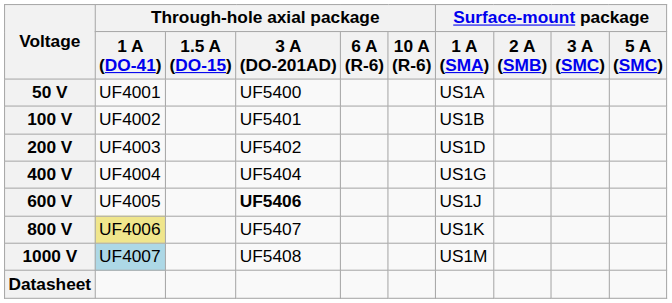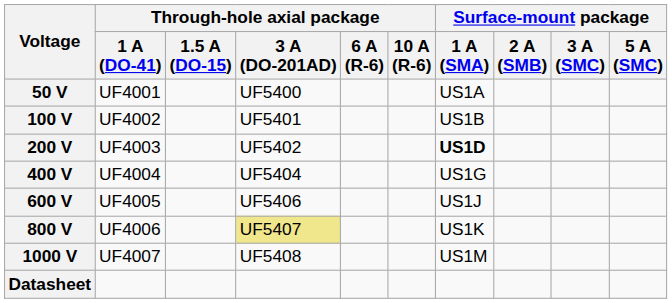 <table class="wikitable" border="1">
 <tr>
 <th rowspan="2">Voltage</th>
 <th colspan="5">Through-hole axial package</th>
 <th colspan="7"><a href='#'>Surface-mount</a> package</th>
 </tr>
 <tr>
 <th>1 A<br>(<a href='#'>DO-41</a>)</th>
 <th>1.5 A<br>(<a href='#'>DO-15</a>)</th>
 <th>3 A<br>(DO-201AD)</th>
 <th>6 A<br>(R-6)</th>
 <th>10 A<br>(R-6)</th>
 <th>1 A<br>(<a href='#'>SMA</a>)</th>
 <th>2 A<br>(<a href='#'>SMB</a>)</th>
 <th>3 A<br>(<a href='#'>SMC</a>)</th>
 <th>5 A<br>(<a href='#'>SMC</a>)</th>
 </tr>
 <tr>
 <th>50 V</th>
 <td>UF4001</td>
 <td></td>
 <td>UF5400</td>
 <td></td>
 <td></td>
 <td>US1A</td>
 <td></td>
 <td></td>
 <td></td>
 </tr>
 <tr>
 <th>100 V</th>
 <td>UF4002</td>
 <td></td>
 <td>UF5401</td>
 <td></td>
 <td></td>
 <td>US1B</td>
 <td></td>
 <td></td>
 <td></td>
 </tr>
 <tr>
 <th>200 V</th>
 <td>UF4003</td>
 <td></td>
 <td>UF5402</td>
 <td></td>
 <td></td>
-<td>US1D</td>
+<td><strong>US1D</strong></td>
 <td></td>
 <td></td>
 <td></td>
 </tr>
 <tr>
 <th>400 V</th>
 <td>UF4004</td>
 <td></td>
 <td>UF5404</td>
 <td></td>
 <td></td>
 <td>US1G</td>
 <td></td>
 <td></td>
 <td></td>
 </tr>
 <tr>
 <th>600 V</th>
 <td>UF4005</td>
 <td></td>
-<td><strong>UF5406</strong></td>
+<td>UF5406</td>
 <td></td>
 <td></td>
 <td>US1J</td>
 <td></td>
 <td></td>
 <td></td>
 </tr>
 <tr>
 <th>800 V</th>
-<td style="background: khaki;">UF4006</td>
+<td>UF4006</td>
 <td></td>
-<td>UF5407</td>
+<td style="background: khaki;">UF5407</td>
 <td></td>
 <td></td>
 <td>US1K</td>
 <td></td>
 <td></td>
 <td></td>
 </tr>
 <tr>
 <th>1000 V</th>
-<td style="background: lightblue;">UF4007</td>
+<td>UF4007</td>
 <td></td>
 <td>UF5408</td>
 <td></td>
 <td></td>
 <td>US1M</td>
 <td></td>
 <td></td>
 <td></td>
 </tr>
 <tr>
 <th>Datasheet</th>
 <td></td>
 <td></td>
 <td></td>
 <td></td>
 <td></td>
 <td></td>
 <td></td>
 <td></td>
 <td></td>
 </tr>
 </table>
